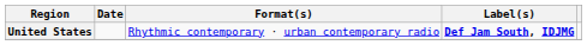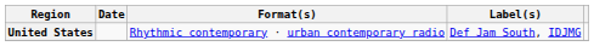 <table class="wikitable plainrowheaders" style="text-align:left">
 <tr>
 <th scope="col">Region</th>
 <th scope="col">Date</th>
 <th scope="col">Format(s)</th>
 <th scope="col">Label(s)</th>
 <th scope="col"></th>
 </tr>
 <tr>
 <th scope="row">United States</th>
 <td></td>
 <td><a href='#'>Rhythmic contemporary</a> · <a href='#'>urban contemporary radio</a></td>
-<td><strong><a href='#'>Def Jam South</a>, <a href='#'>IDJMG</a></strong></td>
+<td><a href='#'>Def Jam South</a>, <a href='#'>IDJMG</a></td>
 <td></td>
 </tr>
 <tr>
 </tr>
 </table>
